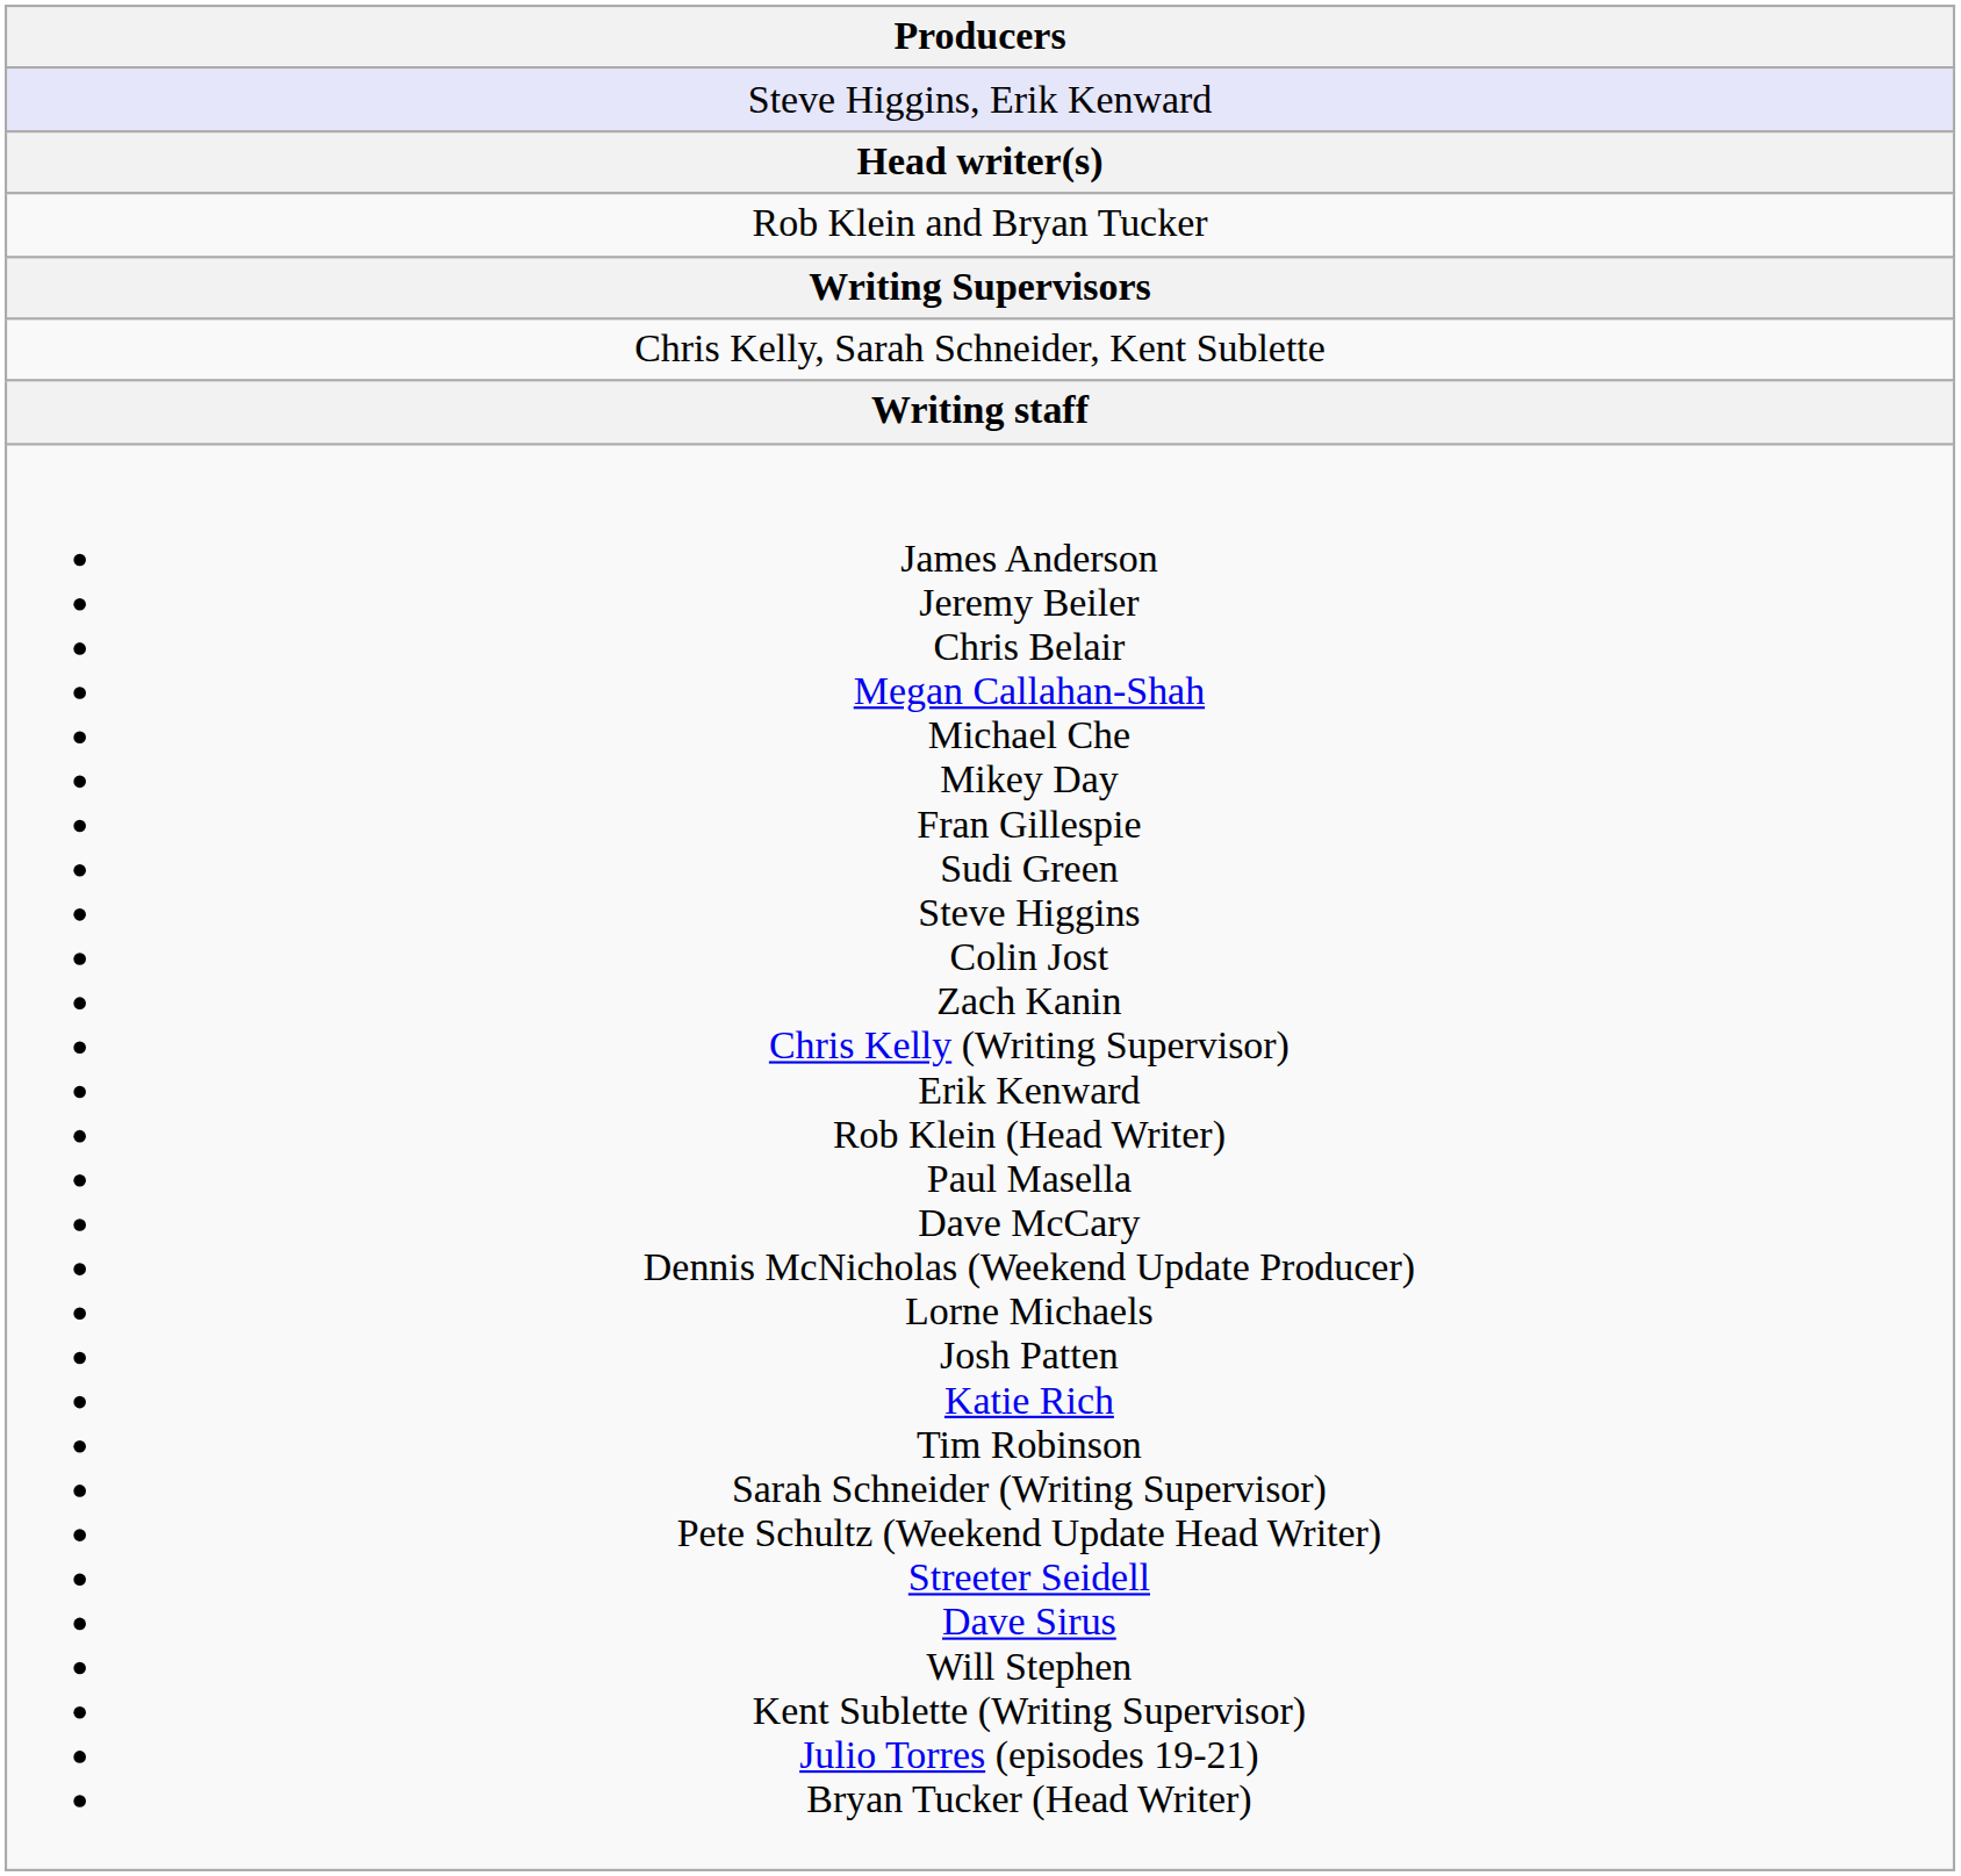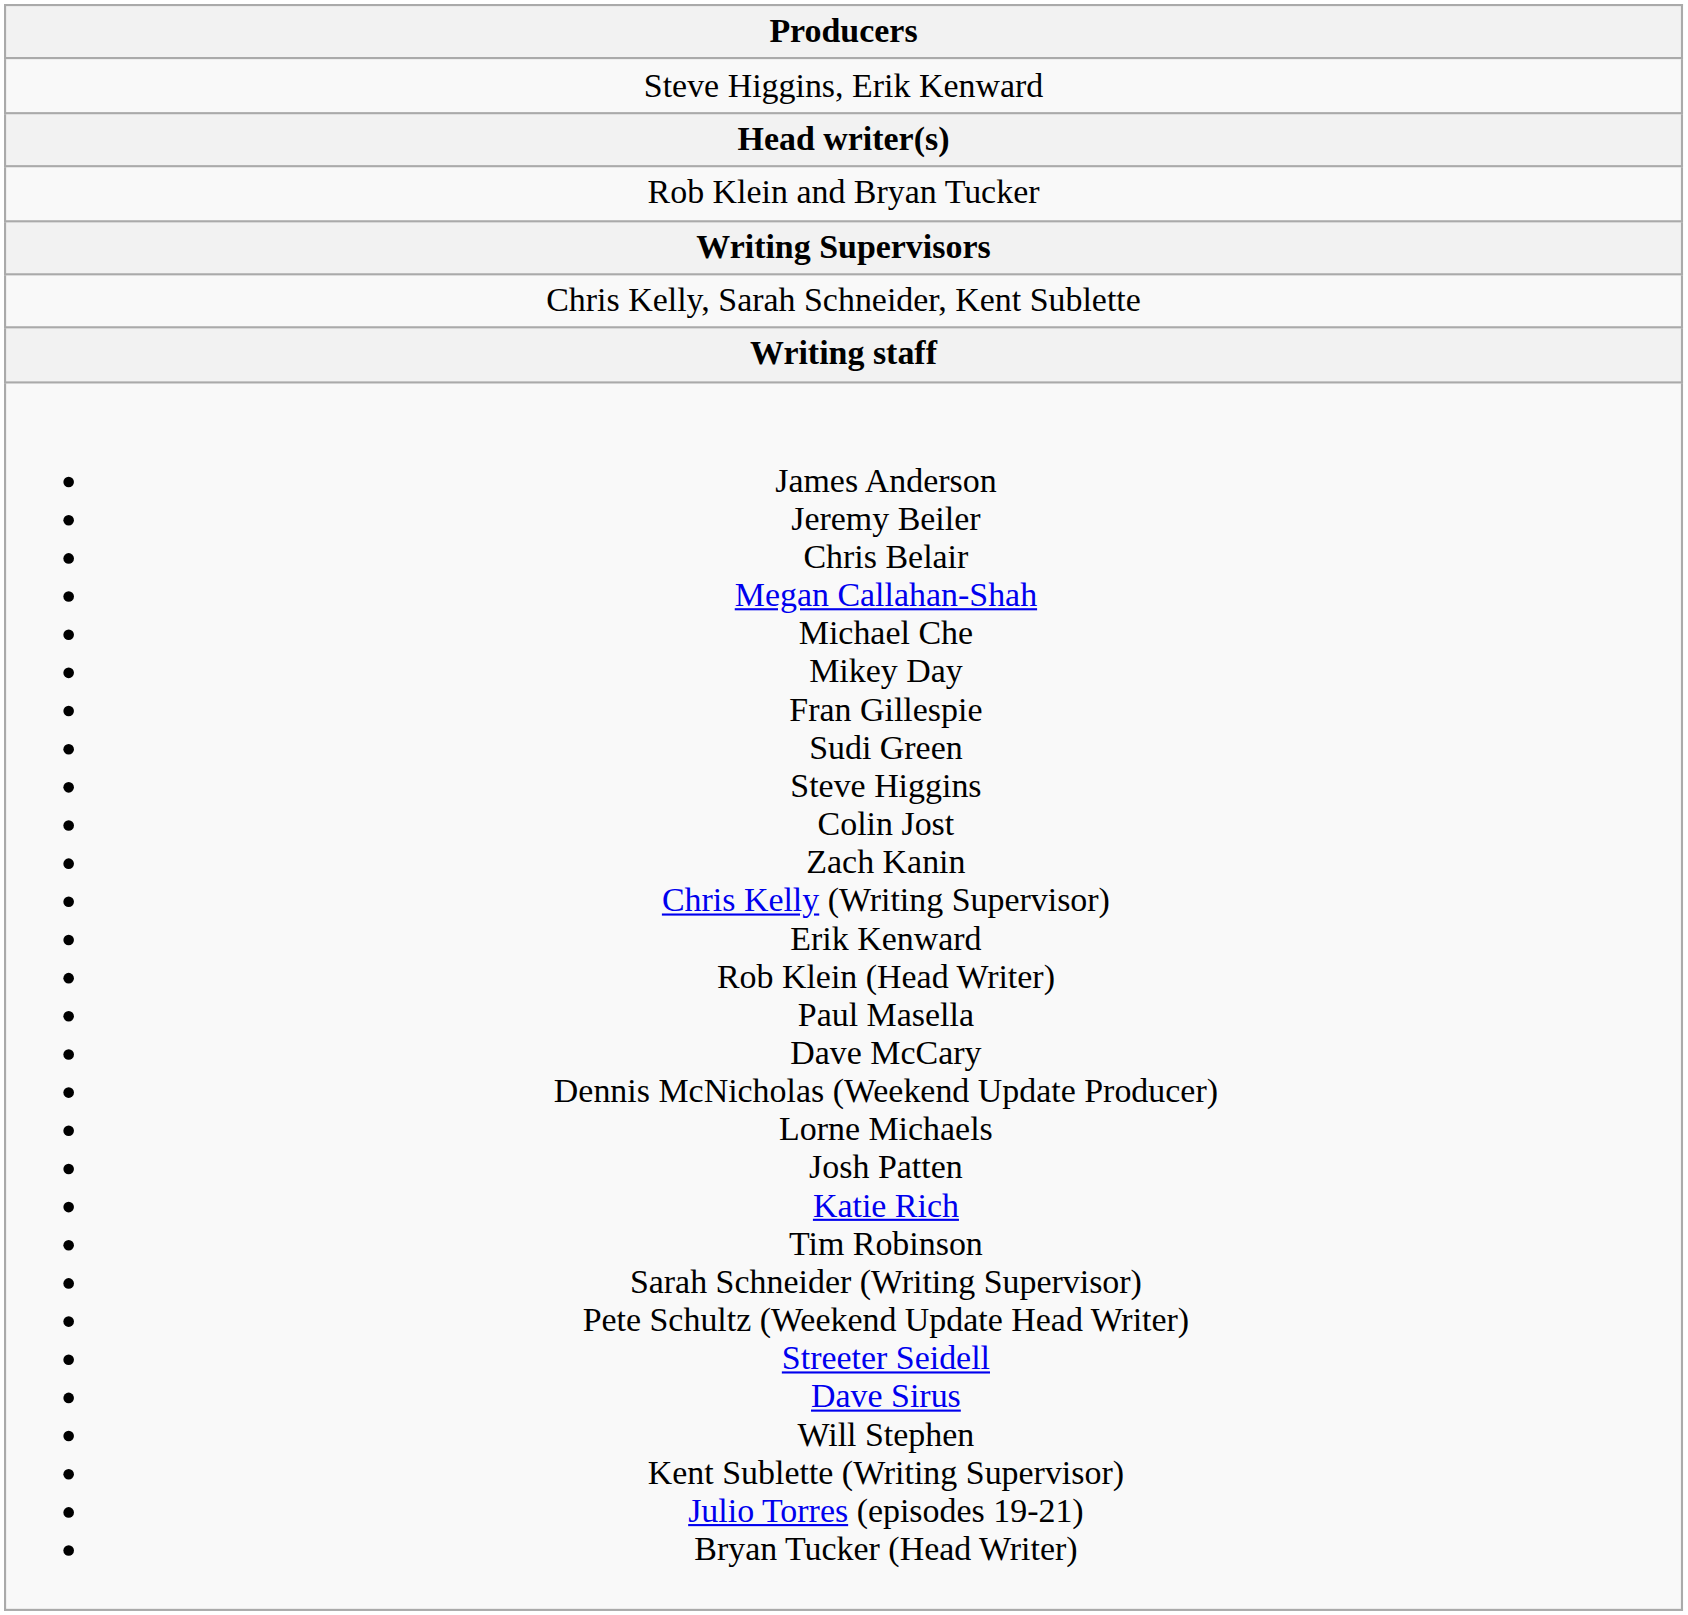 <table class="wikitable plainrowheaders"  style="text-align:center; width:50%;">
 <tr>
 <th><strong>Producers</strong></th>
 </tr>
 <tr>
-<td style="background: lavender;">Steve Higgins, Erik Kenward</td>
+<td>Steve Higgins, Erik Kenward</td>
 </tr>
 <tr>
 <th><strong>Head writer(s)</strong></th>
 </tr>
 <tr>
 <td>Rob Klein and Bryan Tucker</td>
 </tr>
 <tr>
 <th><strong>Writing Supervisors</strong></th>
 </tr>
 <tr>
 <td>Chris Kelly, Sarah Schneider, Kent Sublette</td>
 </tr>
 <tr>
 <th><strong>Writing staff</strong></th>
 </tr>
 <tr>
 <td><br><ul><li>James Anderson</li><li>Jeremy Beiler</li><li>Chris Belair</li><li><a href='#'>Megan Callahan-Shah</a></li><li>Michael Che</li><li>Mikey Day</li><li>Fran Gillespie</li><li>Sudi Green</li><li>Steve Higgins</li><li>Colin Jost</li><li>Zach Kanin</li><li><a href='#'>Chris Kelly</a> (Writing Supervisor)</li><li>Erik Kenward</li><li>Rob Klein (Head Writer)</li><li>Paul Masella</li><li>Dave McCary</li><li>Dennis McNicholas (Weekend Update Producer)</li><li>Lorne Michaels</li><li>Josh Patten</li><li><a href='#'>Katie Rich</a></li><li>Tim Robinson</li><li>Sarah Schneider (Writing Supervisor)</li><li>Pete Schultz (Weekend Update Head Writer)</li><li><a href='#'>Streeter Seidell</a></li><li><a href='#'>Dave Sirus</a></li><li>Will Stephen</li><li>Kent Sublette (Writing Supervisor)</li><li><a href='#'>Julio Torres</a> (episodes 19-21)</li><li>Bryan Tucker (Head Writer)</li></ul></td>
 </tr>
 </table>
